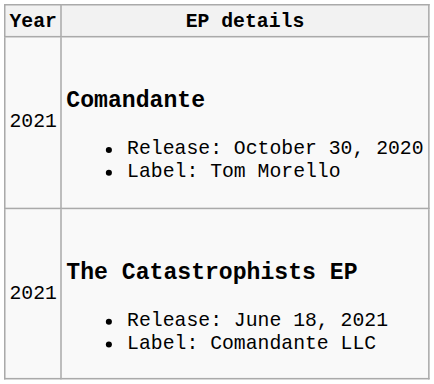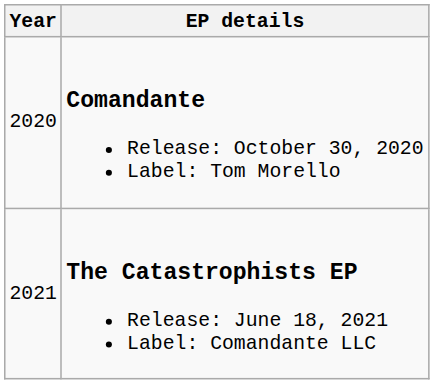 <table class="wikitable">
 <tr>
 <th>Year</th>
 <th>EP details</th>
 </tr>
 <tr>
-<td>2021</td>
+<td>2020</td>
 <td><br><h3>Comandante</h3><ul><li>Release: October 30, 2020</li><li>Label: Tom Morello</li></ul></td>
 </tr>
 <tr>
 <td>2021</td>
 <td><br><h3>The Catastrophists EP</h3><ul><li>Release: June 18, 2021</li><li>Label: Comandante LLC</li></ul></td>
 </tr>
 </table>
